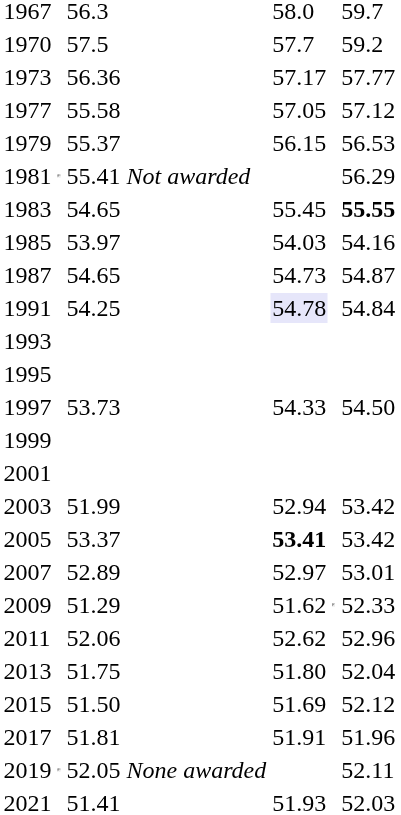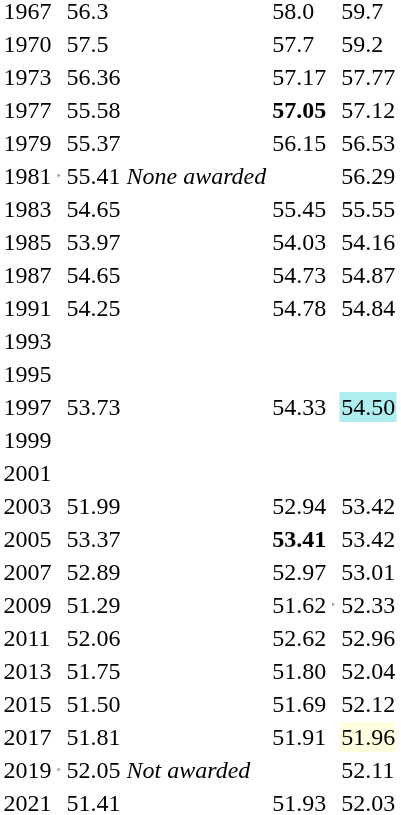 <table>
 <tr>
 <td>1967</td>
 <td></td>
 <td>56.3</td>
 <td></td>
 <td>58.0</td>
 <td></td>
 <td>59.7</td>
 </tr>
 <tr>
 <td>1970</td>
 <td></td>
 <td>57.5</td>
 <td></td>
 <td>57.7</td>
 <td></td>
 <td>59.2</td>
 </tr>
 <tr>
 <td>1973</td>
 <td></td>
 <td>56.36</td>
 <td></td>
 <td>57.17</td>
 <td></td>
 <td>57.77</td>
 </tr>
 <tr>
 <td>1977</td>
 <td></td>
 <td>55.58</td>
 <td></td>
-<td>57.05</td>
+<td><strong>57.05</strong></td>
 <td></td>
 <td>57.12</td>
 </tr>
 <tr>
 <td>1979</td>
 <td></td>
 <td>55.37</td>
 <td></td>
 <td>56.15</td>
 <td></td>
 <td>56.53</td>
 </tr>
 <tr>
 <td>1981</td>
 <td><hr></td>
 <td>55.41</td>
-<td><em>Not awarded</em></td>
+<td><em>None awarded</em></td>
 <td></td>
 <td></td>
 <td>56.29</td>
 </tr>
 <tr>
 <td>1983</td>
 <td></td>
 <td>54.65</td>
 <td></td>
 <td>55.45</td>
 <td></td>
-<td><strong>55.55</strong></td>
+<td>55.55</td>
 </tr>
 <tr>
 <td>1985</td>
 <td></td>
 <td>53.97</td>
 <td></td>
 <td>54.03</td>
 <td></td>
 <td>54.16</td>
 </tr>
 <tr>
 <td>1987</td>
 <td></td>
 <td>54.65</td>
 <td></td>
 <td>54.73</td>
 <td></td>
 <td>54.87</td>
 </tr>
 <tr>
 <td>1991</td>
 <td></td>
 <td>54.25</td>
 <td></td>
-<td style="background: lavender;">54.78</td>
+<td>54.78</td>
 <td></td>
 <td>54.84</td>
 </tr>
 <tr>
 <td>1993</td>
 <td></td>
 <td></td>
 <td></td>
 <td></td>
 <td></td>
 <td></td>
 </tr>
 <tr>
 <td>1995</td>
 <td></td>
 <td></td>
 <td></td>
 <td></td>
 <td></td>
 <td></td>
 </tr>
 <tr>
 <td>1997</td>
 <td></td>
 <td>53.73</td>
 <td></td>
 <td>54.33</td>
 <td></td>
-<td>54.50</td>
+<td style="background: paleturquoise;">54.50</td>
 </tr>
 <tr>
 <td>1999</td>
 <td></td>
 <td></td>
 <td></td>
 <td></td>
 <td></td>
 <td></td>
 </tr>
 <tr>
 <td>2001</td>
 <td></td>
 <td></td>
 <td></td>
 <td></td>
 <td></td>
 <td></td>
 </tr>
 <tr>
 <td>2003</td>
 <td></td>
 <td>51.99</td>
 <td></td>
 <td>52.94</td>
 <td></td>
 <td>53.42</td>
 </tr>
 <tr>
 <td>2005</td>
 <td></td>
 <td>53.37</td>
 <td></td>
 <td><strong>53.41</strong></td>
 <td></td>
 <td>53.42</td>
 </tr>
 <tr>
 <td>2007</td>
 <td></td>
 <td>52.89</td>
 <td></td>
 <td>52.97</td>
 <td></td>
 <td>53.01</td>
 </tr>
 <tr>
 <td>2009</td>
 <td></td>
 <td>51.29</td>
 <td></td>
 <td>51.62</td>
 <td> <hr> </td>
 <td>52.33</td>
 </tr>
 <tr>
 <td>2011</td>
 <td></td>
 <td>52.06</td>
 <td></td>
 <td>52.62</td>
 <td></td>
 <td>52.96</td>
 </tr>
 <tr>
 <td>2013</td>
 <td></td>
 <td>51.75</td>
 <td></td>
 <td>51.80</td>
 <td></td>
 <td>52.04</td>
 </tr>
 <tr>
 <td>2015</td>
 <td></td>
 <td>51.50</td>
 <td></td>
 <td>51.69</td>
 <td></td>
 <td>52.12</td>
 </tr>
 <tr>
 <td>2017</td>
 <td></td>
 <td>51.81</td>
 <td></td>
 <td>51.91</td>
 <td></td>
-<td>51.96</td>
+<td style="background: lightyellow;">51.96</td>
 </tr>
 <tr>
 <td>2019</td>
 <td><hr></td>
 <td>52.05</td>
-<td><em>None awarded</em></td>
+<td><em>Not awarded</em></td>
 <td></td>
 <td></td>
 <td>52.11</td>
 </tr>
 <tr>
 <td>2021</td>
 <td></td>
 <td>51.41</td>
 <td></td>
 <td>51.93</td>
 <td></td>
 <td>52.03</td>
 </tr>
 </table>
